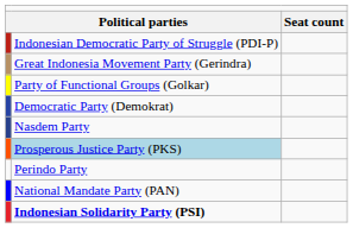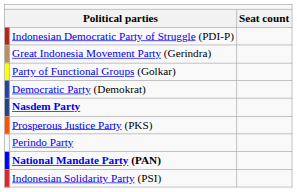 <table class="wikitable">
 <tr>
 <td colspan="4"></td>
 </tr>
 <tr>
 <th colspan="2">Political parties</th>
 <th>Seat count</th>
 </tr>
 <tr>
 <td bgcolor=#BD2016></td>
 <td><a href='#'>Indonesian Democratic Party of Struggle</a> (PDI-P)</td>
 <td></td>
 </tr>
 <tr>
 <td bgcolor=#B79164></td>
 <td><a href='#'>Great Indonesia Movement Party</a> (Gerindra)</td>
 <td></td>
 </tr>
 <tr>
 <td bgcolor=#FFFF00></td>
 <td><a href='#'>Party of Functional Groups</a> (Golkar)</td>
 <td></td>
 </tr>
 <tr>
 <td bgcolor=#2643A3></td>
 <td><a href='#'>Democratic Party</a> (Demokrat)</td>
 <td></td>
 </tr>
 <tr>
 <td bgcolor=#27408B></td>
-<td><a href='#'>Nasdem Party</a></td>
+<td><strong><a href='#'>Nasdem Party</a></strong></td>
 <td></td>
 </tr>
 <tr>
 <td bgcolor=#FF4F00></td>
-<td style="background: lightblue;"><a href='#'>Prosperous Justice Party</a> (PKS)</td>
+<td><a href='#'>Prosperous Justice Party</a> (PKS)</td>
 <td></td>
 </tr>
 <tr>
 <td bgcolor=></td>
 <td><a href='#'>Perindo Party</a></td>
 <td></td>
 </tr>
 <tr>
 <td bgcolor=#0000FF></td>
-<td><a href='#'>National Mandate Party</a> (PAN)</td>
+<td><strong><a href='#'>National Mandate Party</a> (PAN)</strong></td>
 <td></td>
 </tr>
 <tr>
 <td bgcolor=#E6212A></td>
-<td><strong><a href='#'>Indonesian Solidarity Party</a> (PSI)</strong></td>
+<td><a href='#'>Indonesian Solidarity Party</a> (PSI)</td>
 <td></td>
 </tr>
 </table>
